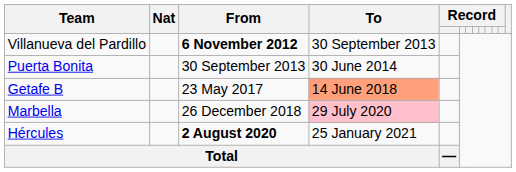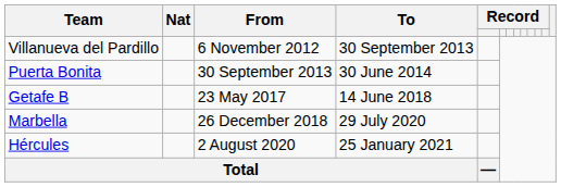 <table class="wikitable" style="text-align: center">
 <tr>
 <th rowspan="2">Team</th>
 <th rowspan="2">Nat</th>
 <th rowspan="2">From</th>
 <th rowspan="2">To</th>
 <th colspan="8">Record</th>
 <th rowspan=2></th>
 </tr>
 <tr>
 <th></th>
 <th></th>
 <th></th>
 <th></th>
 <th></th>
 <th></th>
 <th></th>
 <th></th>
 </tr>
 <tr>
 <td align=left>Villanueva del Pardillo</td>
 <td></td>
-<td align=left><strong>6 November 2012</strong></td>
+<td align=left>6 November 2012</td>
 <td align=left>30 September 2013<br></td>
 <td></td>
 </tr>
 <tr>
 <td align=left><a href='#'>Puerta Bonita</a></td>
 <td></td>
 <td align=left>30 September 2013</td>
 <td align=left>30 June 2014<br></td>
 <td></td>
 </tr>
 <tr>
 <td align=left><a href='#'>Getafe B</a></td>
 <td></td>
 <td align=left>23 May 2017</td>
-<td align=left style="background: lightsalmon;">14 June 2018<br></td>
+<td align=left>14 June 2018<br></td>
 <td></td>
 </tr>
 <tr>
 <td align=left><a href='#'>Marbella</a></td>
 <td></td>
 <td align=left>26 December 2018</td>
-<td align=left style="background: pink;">29 July 2020<br></td>
+<td align=left>29 July 2020<br></td>
 <td></td>
 </tr>
 <tr>
 <td align=left><a href='#'>Hércules</a></td>
 <td></td>
-<td align=left><strong>2 August 2020</strong></td>
+<td align=left>2 August 2020</td>
 <td align=left>25 January 2021<br></td>
 <td></td>
 </tr>
 <tr>
 <th colspan="4">Total<br></th>
 <th>—</th>
 </tr>
 </table>
